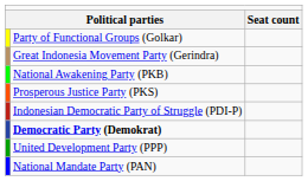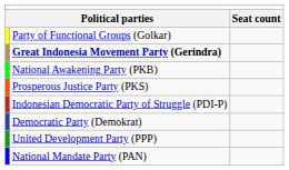 <table class="wikitable">
 <tr>
 <td colspan="4"></td>
 </tr>
 <tr>
 <th colspan="2">Political parties</th>
 <th>Seat count</th>
 </tr>
 <tr>
 <td bgcolor=#FFFF00></td>
 <td><a href='#'>Party of Functional Groups</a> (Golkar)</td>
 <td></td>
 </tr>
 <tr>
 <td bgcolor=#B79164></td>
-<td><a href='#'>Great Indonesia Movement Party</a> (Gerindra)</td>
+<td><strong><a href='#'>Great Indonesia Movement Party</a> (Gerindra)</strong></td>
 <td></td>
 </tr>
 <tr>
 <td bgcolor=#00FF00></td>
 <td><a href='#'>National Awakening Party</a> (PKB)</td>
 <td></td>
 </tr>
 <tr>
 <td bgcolor=#FF4F00></td>
 <td><a href='#'>Prosperous Justice Party</a> (PKS)</td>
 <td></td>
 </tr>
 <tr>
 <td bgcolor=#BD2016></td>
 <td><a href='#'>Indonesian Democratic Party of Struggle</a> (PDI-P)</td>
 <td></td>
 </tr>
 <tr>
 <td bgcolor=#2643A3></td>
-<td><strong><a href='#'>Democratic Party</a> (Demokrat)</strong></td>
+<td><a href='#'>Democratic Party</a> (Demokrat)</td>
 <td></td>
 </tr>
 <tr>
 <td bgcolor=#00A100></td>
 <td><a href='#'>United Development Party</a> (PPP)</td>
 <td></td>
 </tr>
 <tr>
 <td bgcolor=#0000FF></td>
 <td><a href='#'>National Mandate Party</a> (PAN)</td>
 <td></td>
 </tr>
 </table>
